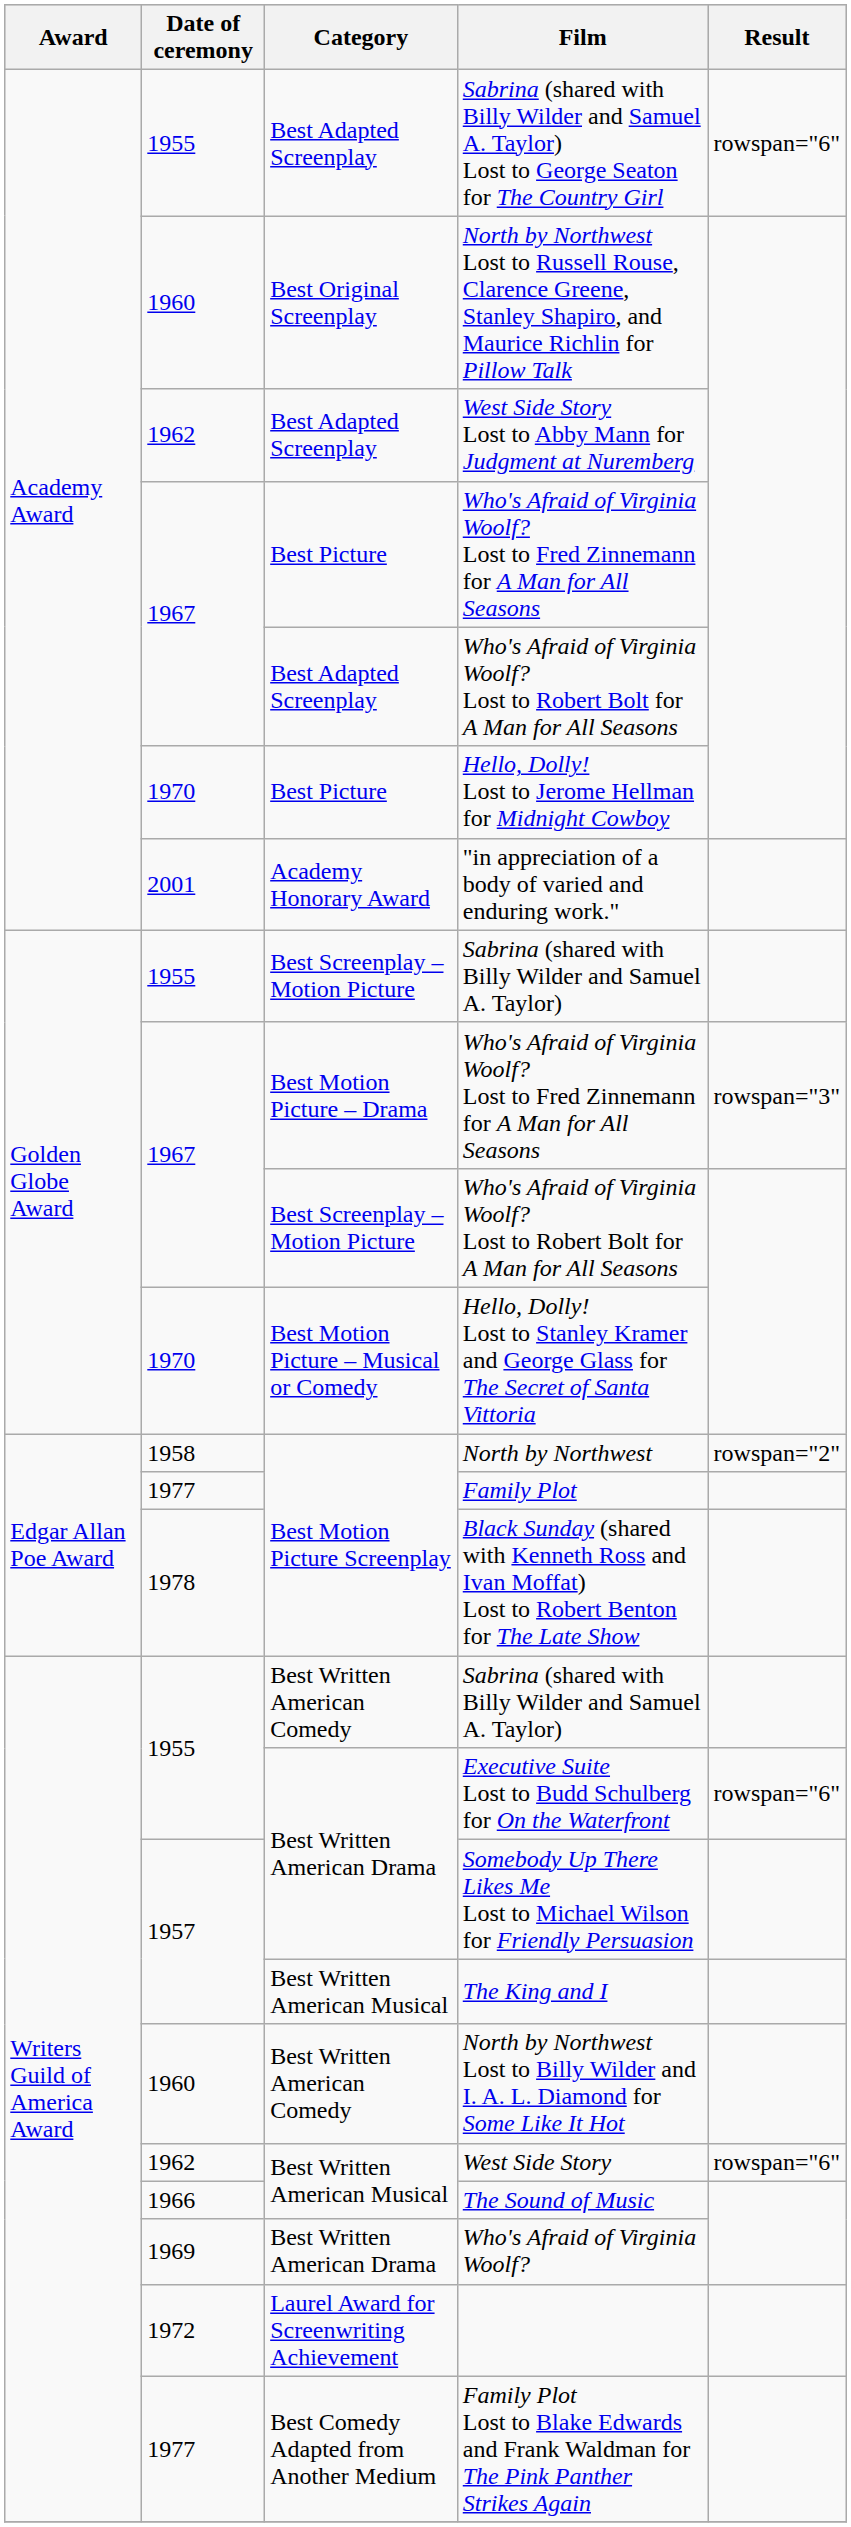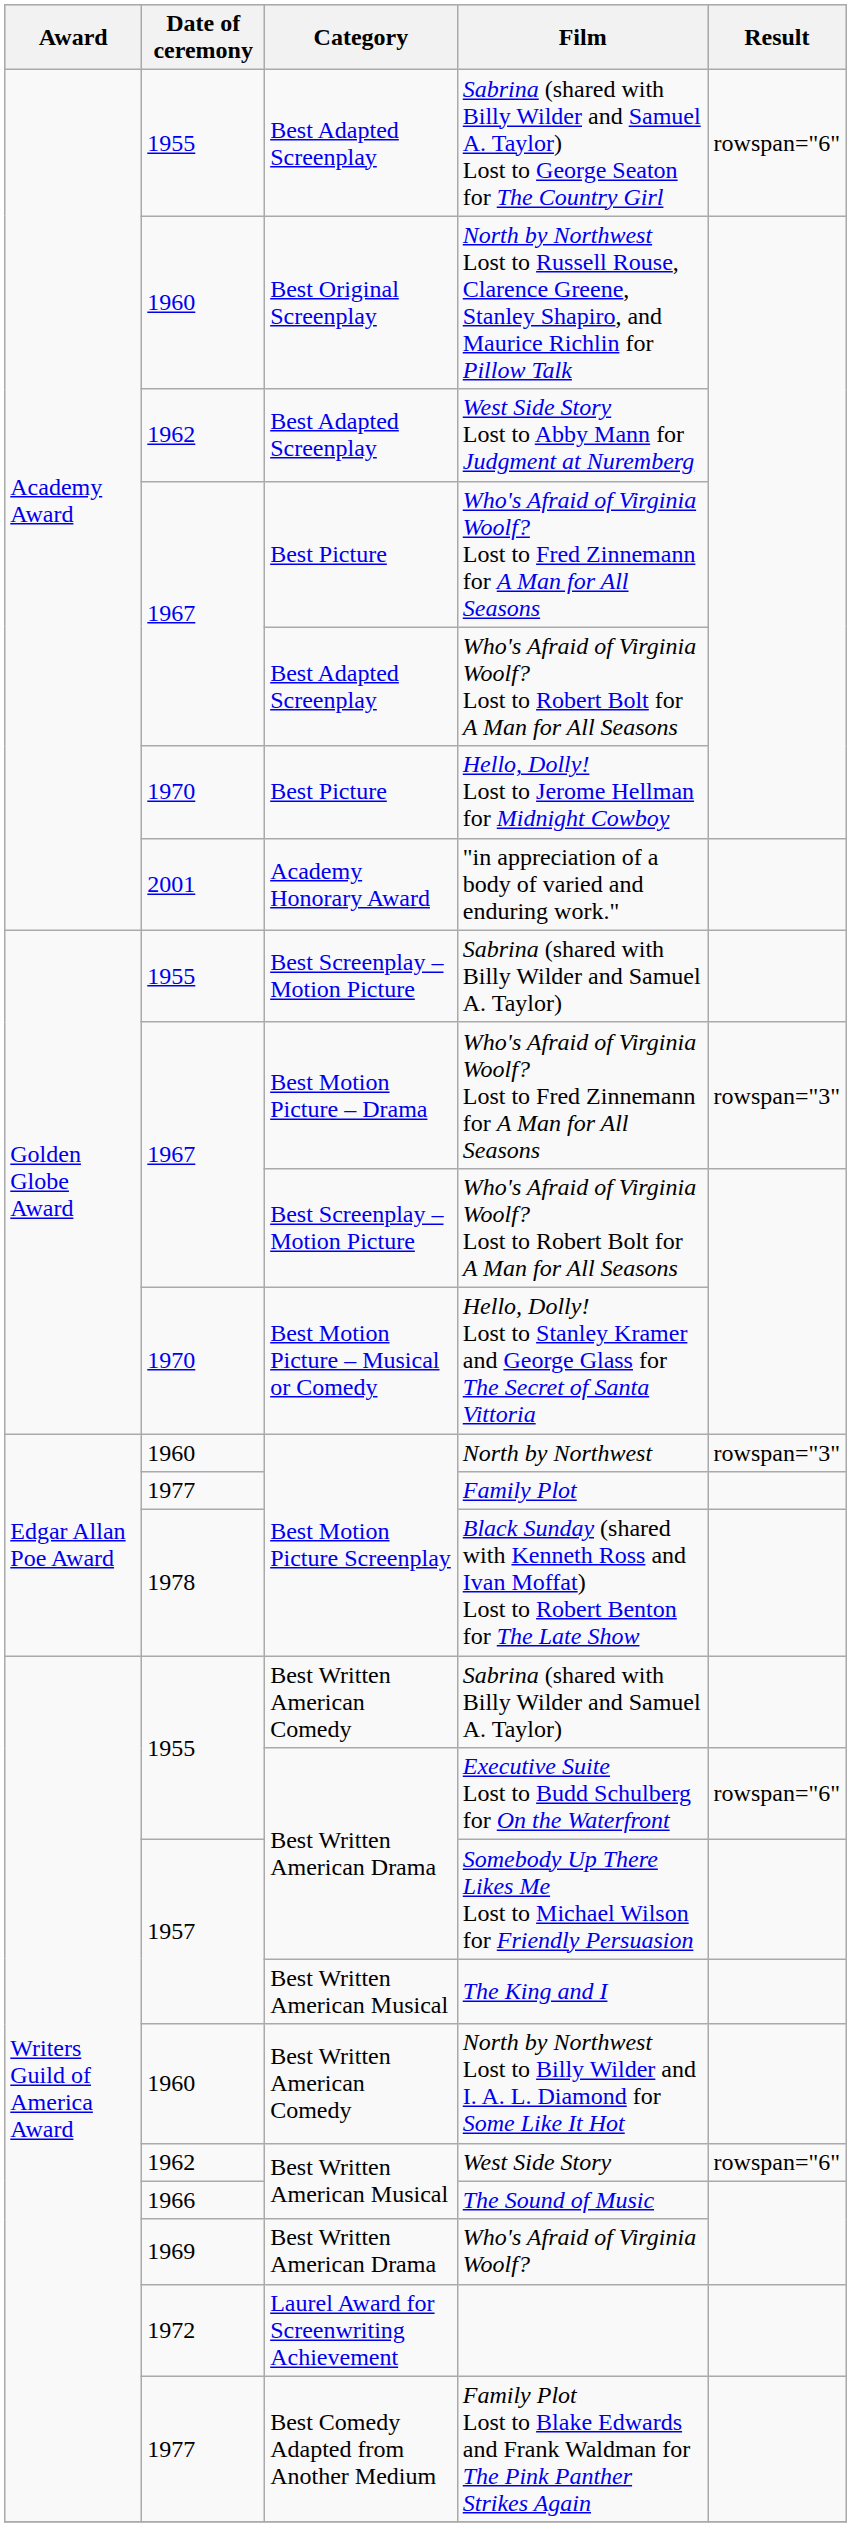 <table class="wikitable" width="90%"O>
 <tr style="background:#ccc; text-align:center;"lollooo>
 <th>Award</th>
 <th>Date of ceremony</th>
 <th>Category</th>
 <th>Film</th>
 <th>Result</th>
 </tr>
 <tr>
 <td rowspan="7"><a href='#'>Academy Award</a></td>
 <td><a href='#'>1955</a></td>
 <td><a href='#'>Best Adapted Screenplay</a></td>
 <td><em><a href='#'>Sabrina</a></em> (shared with <a href='#'>Billy Wilder</a> and <a href='#'>Samuel A. Taylor</a>)<br>Lost to <a href='#'>George Seaton</a> for <em><a href='#'>The Country Girl</a></em></td>
 <td>rowspan="6" </td>
 </tr>
 <tr>
 <td><a href='#'>1960</a></td>
 <td><a href='#'>Best Original Screenplay</a></td>
 <td><em><a href='#'>North by Northwest</a></em><br>Lost to <a href='#'>Russell Rouse</a>, <a href='#'>Clarence Greene</a>, <a href='#'>Stanley Shapiro</a>, and <a href='#'>Maurice Richlin</a> for <em><a href='#'>Pillow Talk</a></em></td>
 </tr>
 <tr>
 <td><a href='#'>1962</a></td>
 <td><a href='#'>Best Adapted Screenplay</a></td>
 <td><em><a href='#'>West Side Story</a></em><br>Lost to <a href='#'>Abby Mann</a> for <em><a href='#'>Judgment at Nuremberg</a></em></td>
 </tr>
 <tr>
 <td rowspan="2"><a href='#'>1967</a></td>
 <td><a href='#'>Best Picture</a></td>
 <td><em><a href='#'>Who's Afraid of Virginia Woolf?</a></em><br>Lost to <a href='#'>Fred Zinnemann</a> for <em><a href='#'>A Man for All Seasons</a></em></td>
 </tr>
 <tr>
 <td><a href='#'>Best Adapted Screenplay</a></td>
 <td><em>Who's Afraid of Virginia Woolf?</em><br>Lost to <a href='#'>Robert Bolt</a> for <em>A Man for All Seasons</em></td>
 </tr>
 <tr>
 <td><a href='#'>1970</a></td>
 <td><a href='#'>Best Picture</a></td>
 <td><em><a href='#'>Hello, Dolly!</a></em><br>Lost to <a href='#'>Jerome Hellman</a> for <em><a href='#'>Midnight Cowboy</a></em></td>
 </tr>
 <tr>
 <td><a href='#'>2001</a></td>
 <td><a href='#'>Academy Honorary Award</a></td>
 <td>"in appreciation of a body of varied and enduring work."</td>
 <td></td>
 </tr>
 <tr>
 <td rowspan="4"><a href='#'>Golden Globe Award</a></td>
 <td><a href='#'>1955</a></td>
 <td><a href='#'>Best Screenplay – Motion Picture</a></td>
 <td><em>Sabrina</em> (shared with Billy Wilder and Samuel A. Taylor)</td>
 <td></td>
 </tr>
 <tr>
 <td rowspan="2"><a href='#'>1967</a></td>
 <td><a href='#'>Best Motion Picture – Drama</a></td>
 <td><em>Who's Afraid of Virginia Woolf?</em><br>Lost to Fred Zinnemann for <em>A Man for All Seasons</em></td>
 <td>rowspan="3" </td>
 </tr>
 <tr>
 <td><a href='#'>Best Screenplay – Motion Picture</a></td>
 <td><em>Who's Afraid of Virginia Woolf?</em><br>Lost to Robert Bolt for <em>A Man for All Seasons</em></td>
 </tr>
 <tr>
 <td><a href='#'>1970</a></td>
 <td><a href='#'>Best Motion Picture – Musical or Comedy</a></td>
 <td><em>Hello, Dolly!</em><br>Lost to <a href='#'>Stanley Kramer</a> and <a href='#'>George Glass</a> for <em><a href='#'>The Secret of Santa Vittoria</a></em></td>
 </tr>
 <tr>
 <td rowspan="3"><a href='#'>Edgar Allan Poe Award</a></td>
-<td>1958</td>
+<td>1960</td>
 <td rowspan="3"><a href='#'>Best Motion Picture Screenplay</a></td>
 <td><em>North by Northwest</em></td>
-<td>rowspan="2" </td>
+<td>rowspan="3" </td>
 </tr>
 <tr>
 <td>1977</td>
 <td><em><a href='#'>Family Plot</a></em></td>
 </tr>
 <tr>
 <td>1978</td>
 <td><em><a href='#'>Black Sunday</a></em> (shared with <a href='#'>Kenneth Ross</a> and <a href='#'>Ivan Moffat</a>)<br>Lost to <a href='#'>Robert Benton</a> for <em><a href='#'>The Late Show</a></em></td>
 <td></td>
 </tr>
 <tr>
 <td rowspan="10"><a href='#'>Writers Guild of America Award</a></td>
 <td rowspan="2">1955</td>
 <td>Best Written American Comedy</td>
 <td><em>Sabrina</em> (shared with Billy Wilder and Samuel A. Taylor)</td>
 <td></td>
 </tr>
 <tr>
 <td rowspan="2">Best Written American Drama</td>
 <td><em><a href='#'>Executive Suite</a></em><br>Lost to <a href='#'>Budd Schulberg</a> for <em><a href='#'>On the Waterfront</a></em></td>
 <td>rowspan="6" </td>
 </tr>
 <tr>
 <td rowspan="2">1957</td>
 <td><em><a href='#'>Somebody Up There Likes Me</a></em><br>Lost to <a href='#'>Michael Wilson</a> for <em><a href='#'>Friendly Persuasion</a></em></td>
 </tr>
 <tr>
 <td>Best Written American Musical</td>
 <td><em><a href='#'>The King and I</a></em></td>
 <td></td>
 </tr>
 <tr>
 <td>1960</td>
 <td>Best Written American Comedy</td>
 <td><em>North by Northwest</em><br>Lost to <a href='#'>Billy Wilder</a> and <a href='#'>I. A. L. Diamond</a> for <em><a href='#'>Some Like It Hot</a></em></td>
 <td></td>
 </tr>
 <tr>
 <td>1962</td>
 <td rowspan="2">Best Written American Musical</td>
 <td><em>West Side Story</em></td>
 <td>rowspan="6" </td>
 </tr>
 <tr>
 <td>1966</td>
 <td><em><a href='#'>The Sound of Music</a></em></td>
 </tr>
 <tr>
 <td>1969</td>
 <td>Best Written American Drama</td>
 <td><em>Who's Afraid of Virginia Woolf?</em></td>
 </tr>
 <tr>
 <td>1972</td>
 <td><a href='#'>Laurel Award for Screenwriting Achievement</a></td>
 <td></td>
 <td></td>
 </tr>
 <tr>
 <td>1977</td>
 <td>Best Comedy Adapted from Another Medium</td>
 <td><em>Family Plot</em><br>Lost to <a href='#'>Blake Edwards</a> and Frank Waldman for <em><a href='#'>The Pink Panther Strikes Again</a></em></td>
 <td></td>
 </tr>
 <tr>
 </tr>
 </table>
